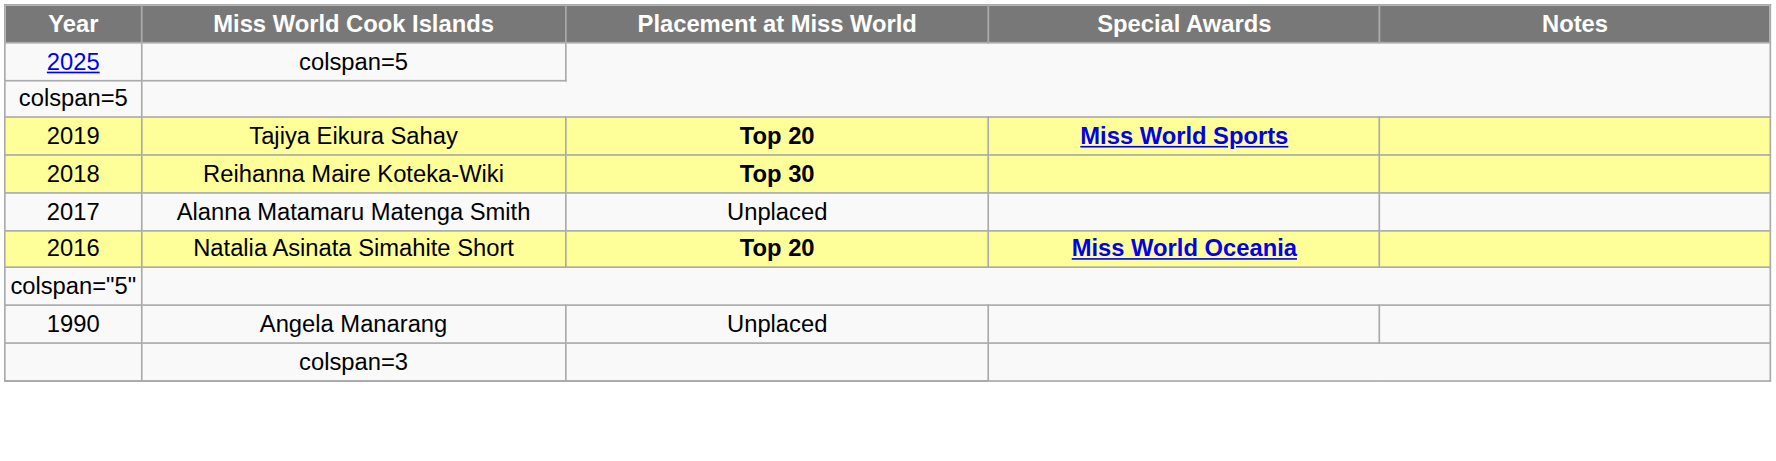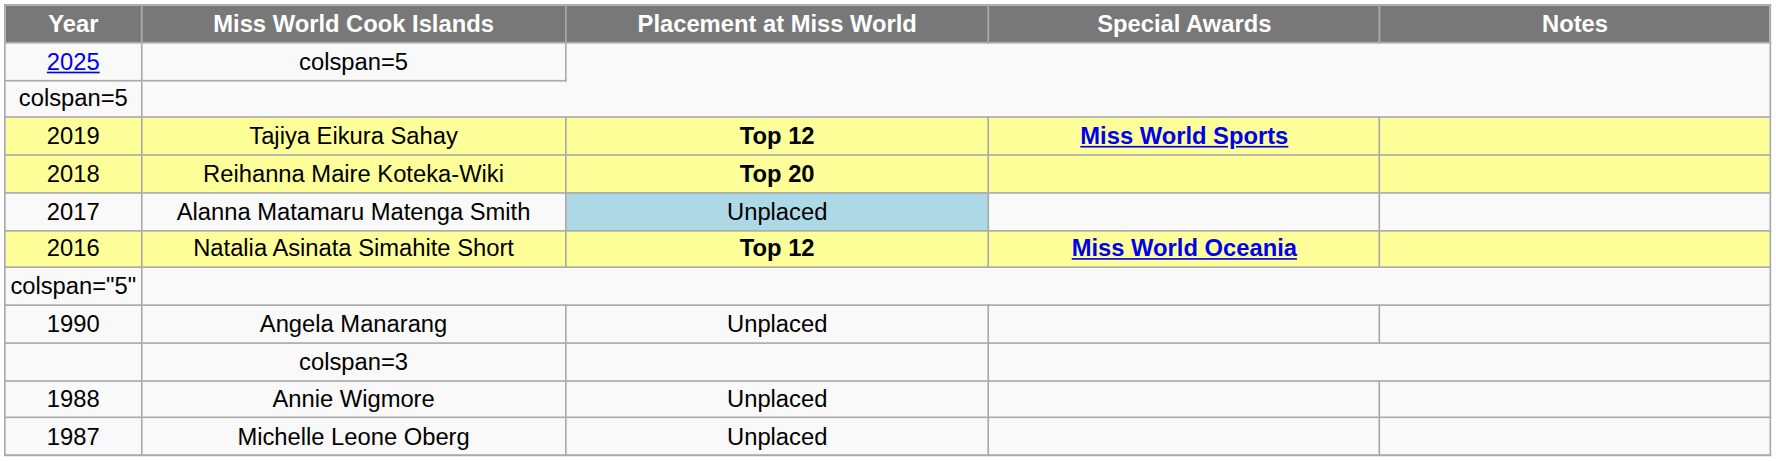 <table class="wikitable" style="font-size: 90%; text-align:center">
 <tr>
 <th width="60" style="background-color:#787878;color:#FFFFFF;">Year</th>
 <th width="250" style="background-color:#787878;color:#FFFFFF;">Miss World Cook Islands</th>
 <th width="250" style="background-color:#787878;color:#FFFFFF;">Placement at Miss World</th>
 <th width="230" style="background-color:#787878;color:#FFFFFF;">Special Awards</th>
 <th width="230" style="background-color:#787878;color:#FFFFFF;">Notes</th>
 </tr>
 <tr>
 <td><a href='#'>2025</a></td>
 <td>colspan=5 </td>
 </tr>
 <tr>
 <td>colspan=5 </td>
 </tr>
 <tr style="background-color:#FFFF99; ">
 <td>2019</td>
 <td>Tajiya Eikura Sahay</td>
-<td><strong>Top 20</strong></td>
+<td><strong>Top 12</strong></td>
 <td><strong><a href='#'>Miss World Sports</a></strong></td>
 <td></td>
 </tr>
 <tr style="background-color:#FFFF99; ">
 <td>2018</td>
 <td>Reihanna Maire Koteka-Wiki</td>
-<td><strong>Top 30</strong></td>
+<td><strong>Top 20</strong></td>
 <td></td>
 <td></td>
 </tr>
 <tr>
 <td>2017</td>
 <td>Alanna Matamaru Matenga Smith</td>
-<td>Unplaced</td>
+<td style="background: lightblue;">Unplaced</td>
 <td></td>
 <td></td>
 </tr>
 <tr style="background-color:#FFFF99; ">
 <td>2016</td>
 <td>Natalia Asinata Simahite Short</td>
-<td><strong>Top 20</strong></td>
+<td><strong>Top 12</strong></td>
 <td><strong><a href='#'>Miss World Oceania</a></strong></td>
 <td></td>
 </tr>
 <tr>
 <td>colspan="5" </td>
 </tr>
 <tr>
 <td>1990</td>
 <td>Angela Manarang</td>
 <td>Unplaced</td>
 <td></td>
 <td></td>
 </tr>
 <tr>
 <td></td>
 <td>colspan=3 </td>
 <td></td>
 </tr>
 <tr>
+<td>1988</td>
+<td>Annie Wigmore</td>
+<td>Unplaced</td>
+<td></td>
+<td></td>
+</tr>
+<tr>
+<td>1987</td>
+<td>Michelle Leone Oberg</td>
+<td>Unplaced</td>
+<td></td>
+<td></td>
+</tr>
+<tr>
 </tr>
 </table>
